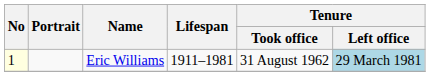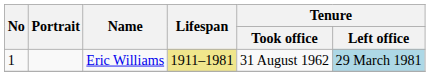 <table class="wikitable">
 <tr>
 <th scope="col" rowspan="2">No</th>
 <th scope="col" rowspan="2">Portrait</th>
 <th scope="col" rowspan="2">Name</th>
 <th scope="col" rowspan="2">Lifespan</th>
 <th scope="col" colspan="2">Tenure</th>
 </tr>
 <tr>
 <th scope="col">Took office</th>
 <th scope="col">Left office</th>
 </tr>
 <tr>
-<td style="background: lightyellow;">1</td>
+<td>1</td>
 <td></td>
 <td><a href='#'>Eric Williams</a></td>
-<td>1911–1981</td>
+<td style="background: khaki;">1911–1981</td>
 <td>31 August 1962</td>
 <td style="background: lightblue;">29 March 1981</td>
 </tr>
 <tr>
 </tr>
 </table>
